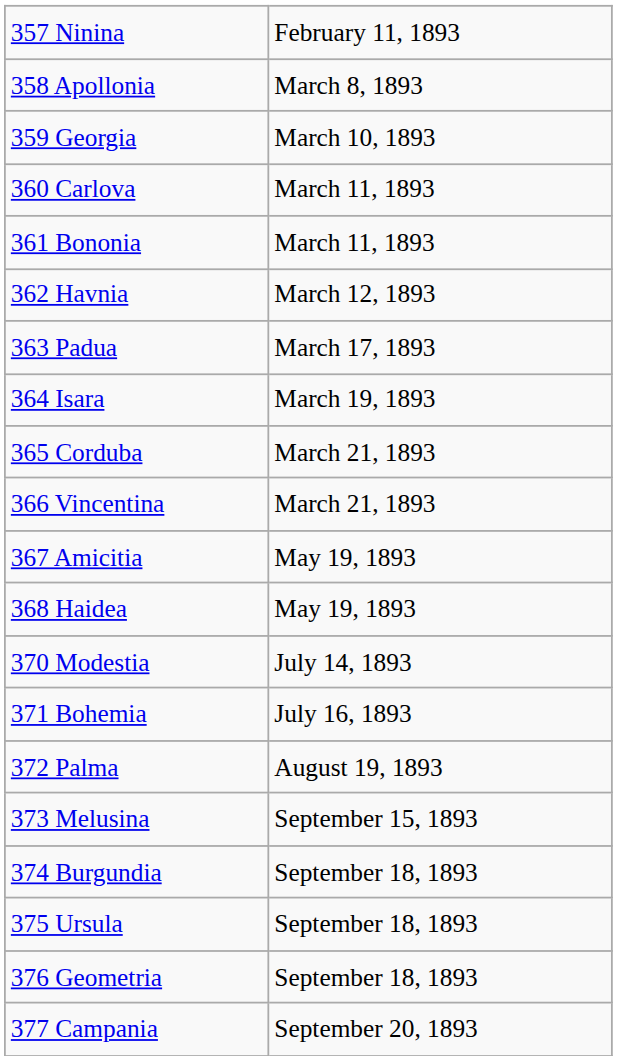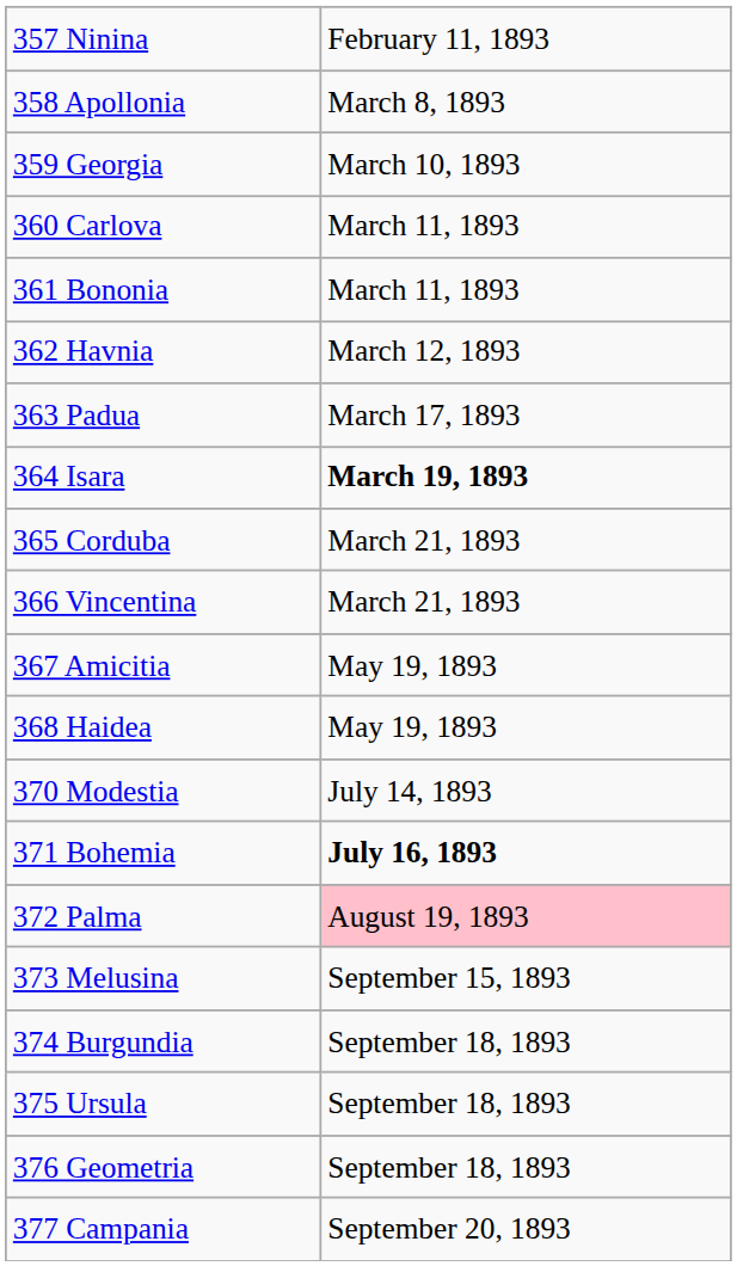 <table class="wikitable" style="font-size: 89%; float: left; width: 24em; margin-right: 1em; line-height: 1.6em !important;">
 <tr>
 <td><a href='#'>357 Ninina</a></td>
 <td>February 11, 1893</td>
 </tr>
 <tr>
 <td><a href='#'>358 Apollonia</a></td>
 <td>March 8, 1893</td>
 </tr>
 <tr>
 <td><a href='#'>359 Georgia</a></td>
 <td>March 10, 1893</td>
 </tr>
 <tr>
 <td><a href='#'>360 Carlova</a></td>
 <td>March 11, 1893</td>
 </tr>
 <tr>
 <td><a href='#'>361 Bononia</a></td>
 <td>March 11, 1893</td>
 </tr>
 <tr>
 <td><a href='#'>362 Havnia</a></td>
 <td>March 12, 1893</td>
 </tr>
 <tr>
 <td><a href='#'>363 Padua</a></td>
 <td>March 17, 1893</td>
 </tr>
 <tr>
 <td><a href='#'>364 Isara</a></td>
-<td>March 19, 1893</td>
+<td><strong>March 19, 1893</strong></td>
 </tr>
 <tr>
 <td><a href='#'>365 Corduba</a></td>
 <td>March 21, 1893</td>
 </tr>
 <tr>
 <td><a href='#'>366 Vincentina</a></td>
 <td>March 21, 1893</td>
 </tr>
 <tr>
 <td><a href='#'>367 Amicitia</a></td>
 <td>May 19, 1893</td>
 </tr>
 <tr>
 <td><a href='#'>368 Haidea</a></td>
 <td>May 19, 1893</td>
 </tr>
 <tr>
 <td><a href='#'>370 Modestia</a></td>
 <td>July 14, 1893</td>
 </tr>
 <tr>
 <td><a href='#'>371 Bohemia</a></td>
-<td>July 16, 1893</td>
+<td><strong>July 16, 1893</strong></td>
 </tr>
 <tr>
 <td><a href='#'>372 Palma</a></td>
-<td>August 19, 1893</td>
+<td style="background: pink;">August 19, 1893</td>
 </tr>
 <tr>
 <td><a href='#'>373 Melusina</a></td>
 <td>September 15, 1893</td>
 </tr>
 <tr>
 <td><a href='#'>374 Burgundia</a></td>
 <td>September 18, 1893</td>
 </tr>
 <tr>
 <td><a href='#'>375 Ursula</a></td>
 <td>September 18, 1893</td>
 </tr>
 <tr>
 <td><a href='#'>376 Geometria</a></td>
 <td>September 18, 1893</td>
 </tr>
 <tr>
 <td><a href='#'>377 Campania</a></td>
 <td>September 20, 1893</td>
 </tr>
 </table>
